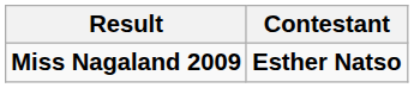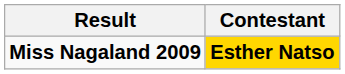 <table class="wikitable">
 <tr>
 <th>Result</th>
 <th>Contestant</th>
 </tr>
 <tr>
 <td><strong>Miss Nagaland 2009</strong></td>
-<td><strong>Esther Natso</strong></td>
+<td style="background: gold;"><strong>Esther Natso</strong></td>
 </tr>
 </table>
